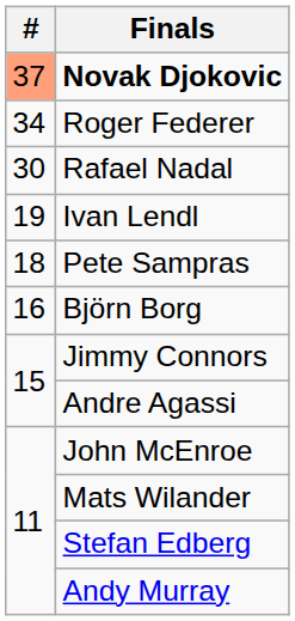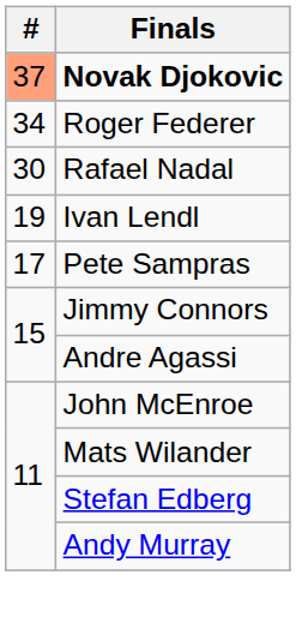 <table class="wikitable" style="display:inline-table;">
 <tr>
 <th width=20>#</th>
 <th>Finals</th>
 </tr>
 <tr>
 <td style="background: lightsalmon;">37</td>
 <td> <strong>Novak Djokovic</strong></td>
 </tr>
 <tr>
 <td>34</td>
 <td> Roger Federer</td>
 </tr>
 <tr>
 <td>30</td>
 <td> Rafael Nadal</td>
 </tr>
 <tr>
 <td>19</td>
 <td> Ivan Lendl</td>
 </tr>
 <tr>
-<td>18</td>
+<td>17</td>
 <td> Pete Sampras</td>
-</tr>
-<tr>
-<td>16</td>
-<td> Björn Borg</td>
 </tr>
 <tr>
 <td rowspan="2">15</td>
 <td> Jimmy Connors</td>
 </tr>
 <tr>
 <td> Andre Agassi</td>
 </tr>
 <tr>
 <td rowspan="4">11</td>
 <td> John McEnroe</td>
 </tr>
 <tr>
 <td> Mats Wilander</td>
 </tr>
 <tr>
 <td> <a href='#'>Stefan Edberg</a></td>
 </tr>
 <tr>
 <td> <a href='#'>Andy Murray</a></td>
 </tr>
 </table>
